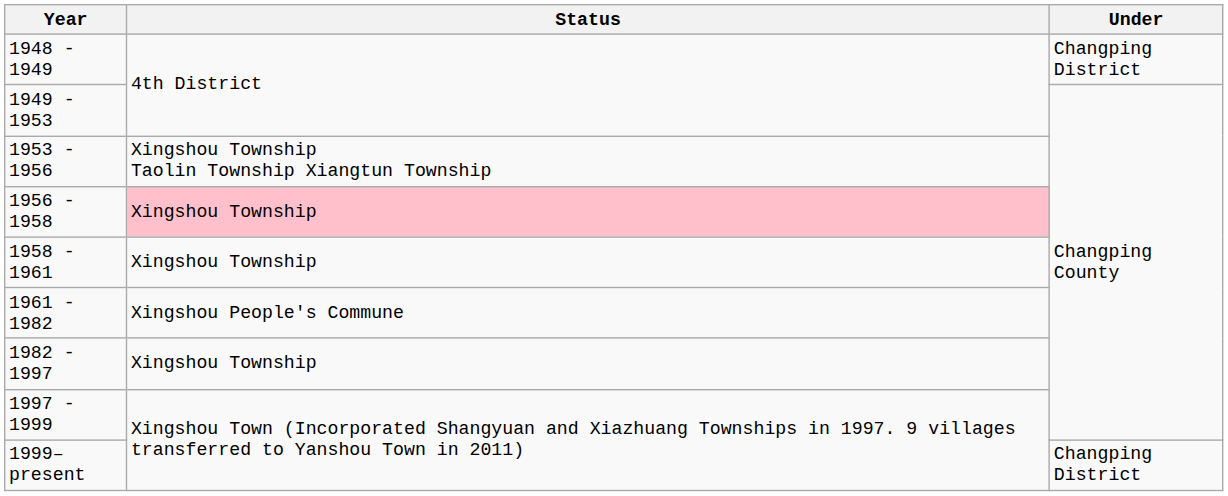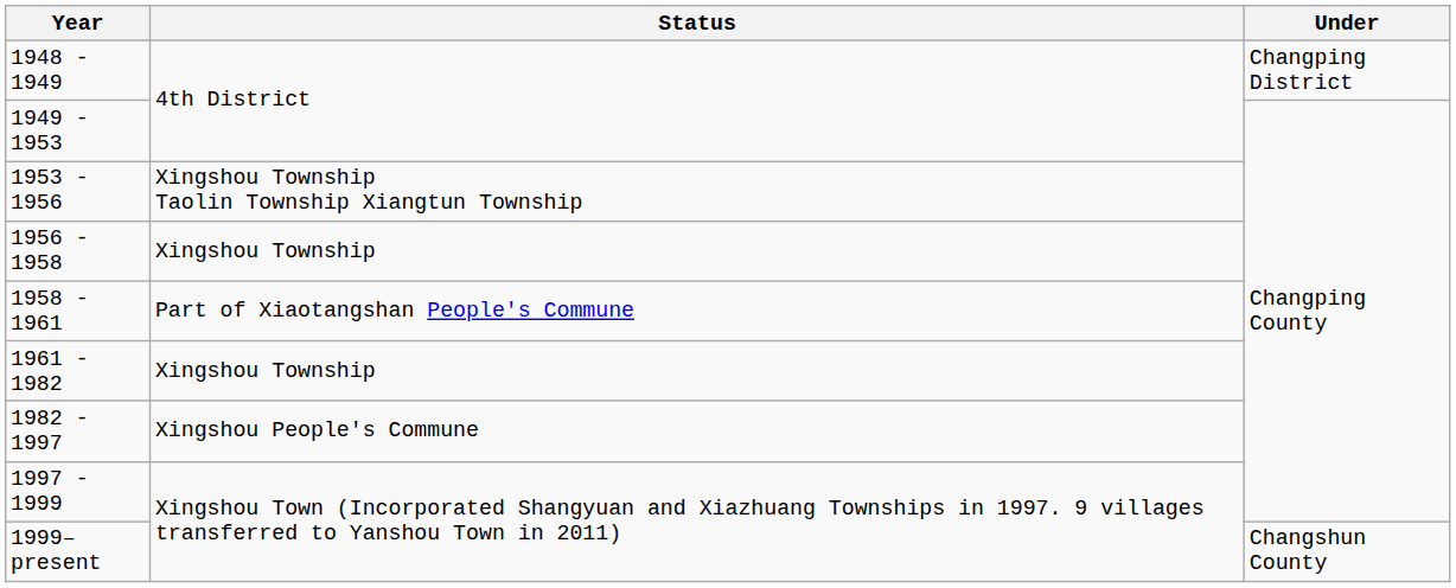 <table class="wikitable">
 <tr>
 <th>Year</th>
 <th>Status</th>
 <th>Under</th>
 </tr>
 <tr>
 <td>1948 - 1949</td>
 <td rowspan="2">4th District</td>
 <td>Changping District</td>
 </tr>
 <tr>
 <td>1949 - 1953</td>
 <td rowspan="7">Changping County</td>
 </tr>
 <tr>
 <td>1953 - 1956</td>
 <td>Xingshou Township<br>Taolin Township Xiangtun Township</td>
 </tr>
 <tr>
 <td>1956 - 1958</td>
-<td style="background: pink;">Xingshou Township</td>
+<td>Xingshou Township</td>
 </tr>
 <tr>
 <td>1958 - 1961</td>
+<td>Part of Xiaotangshan <a href='#'>People's Commune</a></td>
+</tr>
+<tr>
+<td>1961 - 1982</td>
 <td>Xingshou Township</td>
 </tr>
 <tr>
-<td>1961 - 1982</td>
+<td>1982 - 1997</td>
 <td>Xingshou People's Commune</td>
-</tr>
-<tr>
-<td>1982 - 1997</td>
-<td>Xingshou Township</td>
 </tr>
 <tr>
 <td>1997 - 1999</td>
 <td rowspan="2">Xingshou Town (Incorporated Shangyuan and Xiazhuang Townships in 1997. 9 villages transferred to Yanshou Town in 2011)</td>
 </tr>
 <tr>
 <td>1999–present</td>
-<td>Changping District</td>
+<td>Changshun County</td>
 </tr>
 </table>
